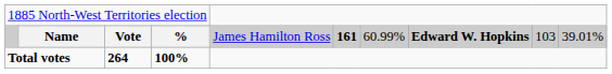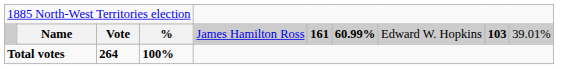 <table class="wikitable">
 <tr>
 <td colspan=4 align=center><a href='#'>1885 North-West Territories election</a></td>
 </tr>
 <tr bgcolor="CCCCCC">
 <td></td>
 <th>Name</th>
 <th>Vote</th>
 <th>%<br></th>
 <td><a href='#'>James Hamilton Ross</a></td>
 <td><strong>161</strong></td>
-<td>60.99%<br></td>
-<td><strong>Edward W. Hopkins</strong></td>
-<td>103</td>
+<td><strong>60.99%<br></strong></td>
+<td>Edward W. Hopkins</td>
+<td><strong>103</strong></td>
 <td>39.01%</td>
 </tr>
 <tr>
 <td colspan=2><strong>Total votes</strong></td>
 <td><strong>264</strong></td>
 <td alignment="left"><strong>100%</strong></td>
 </tr>
 </table>
